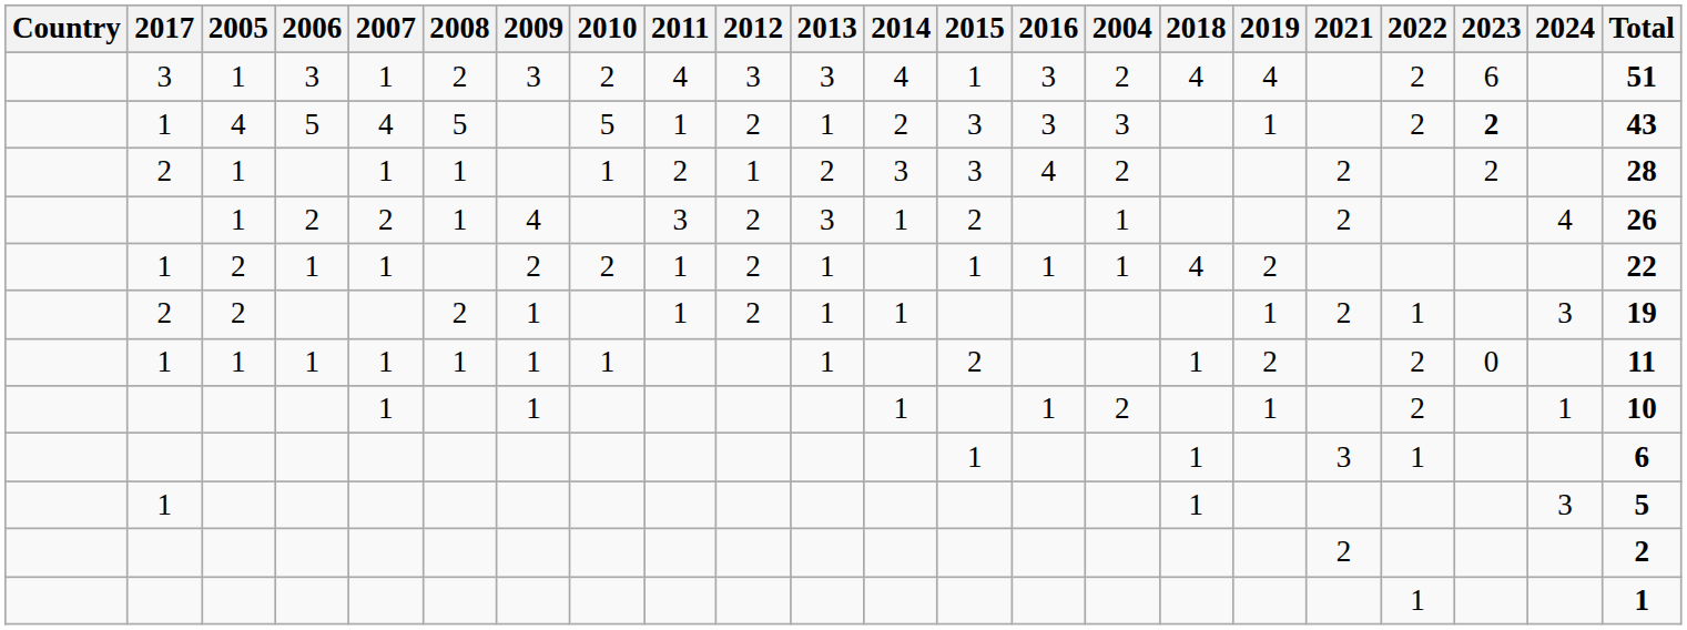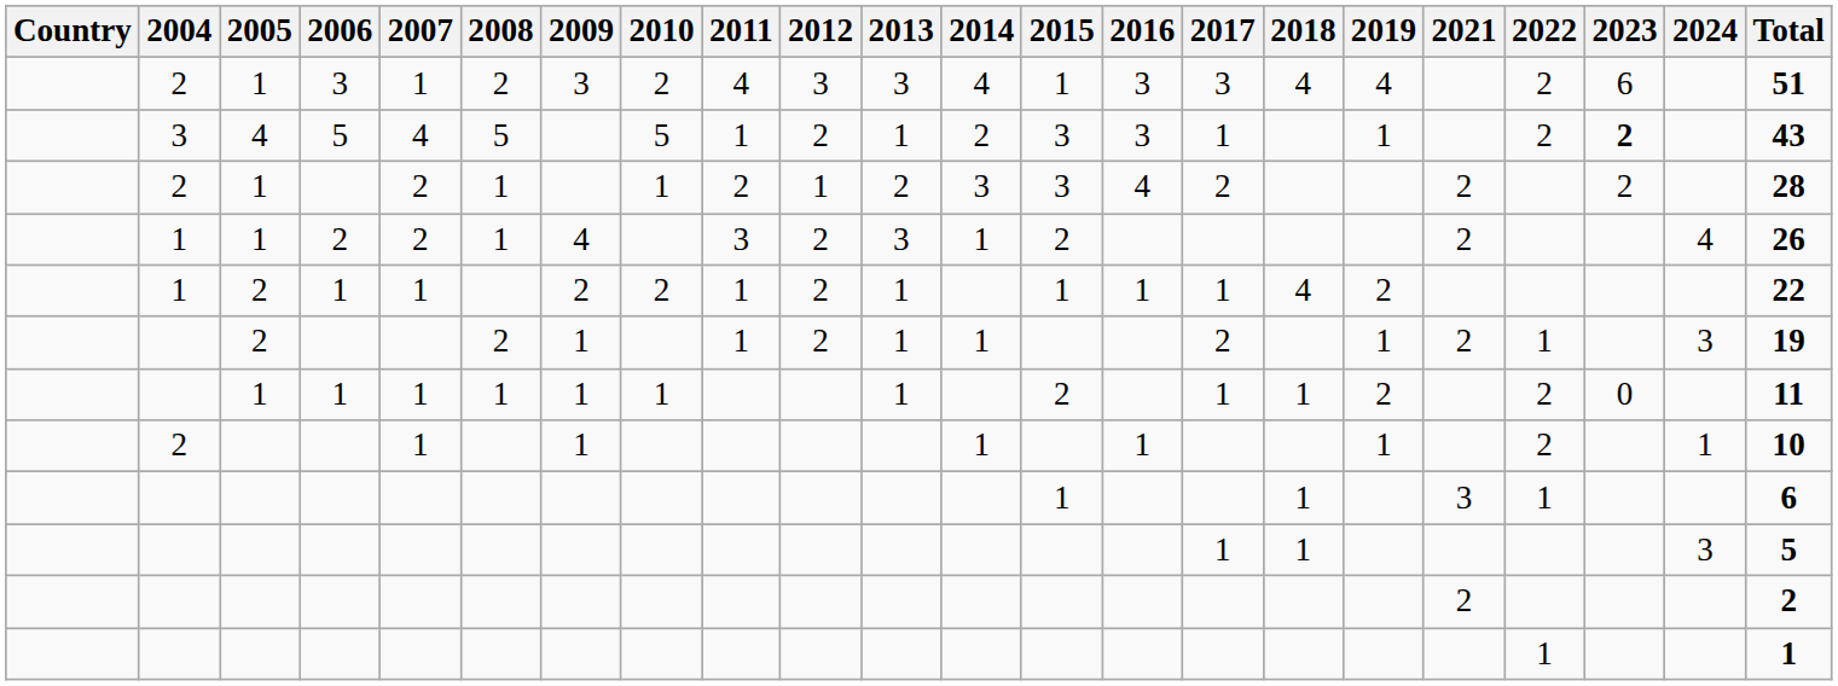 <table class="wikitable" style="text-align: center;">
 <tr>
 <th>Country</th>
-<th>2017</th>
+<th>2004</th>
 <th>2005</th>
 <th>2006</th>
 <th>2007</th>
 <th>2008</th>
 <th>2009</th>
 <th>2010</th>
 <th>2011</th>
 <th>2012</th>
 <th>2013</th>
 <th>2014</th>
 <th>2015</th>
 <th>2016</th>
-<th>2004</th>
+<th>2017</th>
 <th>2018</th>
 <th>2019</th>
 <th>2021</th>
 <th>2022</th>
 <th>2023</th>
 <th>2024</th>
 <th>Total</th>
 </tr>
 <tr>
 <td align="left"></td>
-<td>3</td>
+<td>2</td>
 <td>1</td>
 <td>3</td>
 <td>1</td>
 <td>2</td>
 <td>3</td>
 <td>2</td>
 <td>4</td>
 <td>3</td>
 <td>3</td>
 <td>4</td>
 <td>1</td>
 <td>3</td>
-<td>2</td>
+<td>3</td>
 <td>4</td>
 <td>4</td>
 <td></td>
 <td>2</td>
 <td>6</td>
 <td></td>
 <td><strong>51</strong></td>
 </tr>
 <tr>
 <td align="left"></td>
-<td>1</td>
+<td>3</td>
 <td>4</td>
 <td>5</td>
 <td>4</td>
 <td>5</td>
 <td></td>
 <td>5</td>
 <td>1</td>
 <td>2</td>
 <td>1</td>
 <td>2</td>
 <td>3</td>
 <td>3</td>
-<td>3</td>
+<td>1</td>
 <td></td>
 <td>1</td>
 <td></td>
 <td>2</td>
 <td><strong>2</strong></td>
 <td></td>
 <td><strong>43</strong></td>
 </tr>
 <tr>
 <td align="left"></td>
 <td>2</td>
 <td>1</td>
 <td></td>
-<td>1</td>
+<td>2</td>
 <td>1</td>
 <td></td>
 <td>1</td>
 <td>2</td>
 <td>1</td>
 <td>2</td>
 <td>3</td>
 <td>3</td>
 <td>4</td>
 <td>2</td>
 <td></td>
 <td></td>
 <td>2</td>
 <td></td>
 <td>2</td>
 <td></td>
 <td><strong>28</strong></td>
 </tr>
 <tr>
 <td align="left"></td>
-<td></td>
+<td>1</td>
 <td>1</td>
 <td>2</td>
 <td>2</td>
 <td>1</td>
 <td>4</td>
 <td></td>
 <td>3</td>
 <td>2</td>
 <td>3</td>
 <td>1</td>
 <td>2</td>
 <td></td>
-<td>1</td>
+<td></td>
 <td></td>
 <td></td>
 <td>2</td>
 <td></td>
 <td></td>
 <td>4</td>
 <td><strong>26</strong></td>
 </tr>
 <tr>
 <td align="left"></td>
 <td>1</td>
 <td>2</td>
 <td>1</td>
 <td>1</td>
 <td></td>
 <td>2</td>
 <td>2</td>
 <td>1</td>
 <td>2</td>
 <td>1</td>
 <td></td>
 <td>1</td>
 <td>1</td>
 <td>1</td>
 <td>4</td>
 <td>2</td>
 <td></td>
 <td></td>
 <td></td>
 <td></td>
 <td><strong>22</strong></td>
 </tr>
 <tr>
 <td align="left"></td>
-<td>2</td>
+<td></td>
 <td>2</td>
 <td></td>
 <td></td>
 <td>2</td>
 <td>1</td>
 <td></td>
 <td>1</td>
 <td>2</td>
 <td>1</td>
 <td>1</td>
 <td></td>
 <td></td>
-<td></td>
+<td>2</td>
 <td></td>
 <td>1</td>
 <td>2</td>
 <td>1</td>
 <td></td>
 <td>3</td>
 <td><strong>19</strong></td>
 </tr>
 <tr>
 <td align="left"></td>
-<td>1</td>
+<td></td>
 <td>1</td>
 <td>1</td>
 <td>1</td>
 <td>1</td>
 <td>1</td>
 <td>1</td>
 <td></td>
 <td></td>
 <td>1</td>
 <td></td>
 <td>2</td>
 <td></td>
-<td></td>
+<td>1</td>
 <td>1</td>
 <td>2</td>
 <td></td>
 <td>2</td>
 <td>0</td>
 <td></td>
 <td><strong>11</strong></td>
 </tr>
 <tr>
 <td align="left"></td>
-<td></td>
+<td>2</td>
 <td></td>
 <td></td>
 <td>1</td>
 <td></td>
 <td>1</td>
 <td></td>
 <td></td>
 <td></td>
 <td></td>
 <td>1</td>
 <td></td>
 <td>1</td>
-<td>2</td>
+<td></td>
 <td></td>
 <td>1</td>
 <td></td>
 <td>2</td>
 <td></td>
 <td>1</td>
 <td><strong>10</strong></td>
 </tr>
 <tr>
 <td align="left"></td>
 <td></td>
 <td></td>
 <td></td>
 <td></td>
 <td></td>
 <td></td>
 <td></td>
 <td></td>
 <td></td>
 <td></td>
 <td></td>
 <td>1</td>
 <td></td>
 <td></td>
 <td>1</td>
 <td></td>
 <td>3</td>
 <td>1</td>
 <td></td>
 <td></td>
 <td><strong>6</strong></td>
 </tr>
 <tr>
 <td align="left"></td>
-<td>1</td>
 <td></td>
 <td></td>
 <td></td>
 <td></td>
 <td></td>
 <td></td>
 <td></td>
 <td></td>
 <td></td>
 <td></td>
 <td></td>
 <td></td>
 <td></td>
+<td>1</td>
 <td>1</td>
 <td></td>
 <td></td>
 <td></td>
 <td></td>
 <td>3</td>
 <td><strong>5</strong></td>
 </tr>
 <tr>
 <td align="left"></td>
 <td></td>
 <td></td>
 <td></td>
 <td></td>
 <td></td>
 <td></td>
 <td></td>
 <td></td>
 <td></td>
 <td></td>
 <td></td>
 <td></td>
 <td></td>
 <td></td>
 <td></td>
 <td></td>
 <td>2</td>
 <td></td>
 <td></td>
 <td></td>
 <td><strong>2</strong></td>
 </tr>
 <tr>
 <td align="left"></td>
 <td></td>
 <td></td>
 <td></td>
 <td></td>
 <td></td>
 <td></td>
 <td></td>
 <td></td>
 <td></td>
 <td></td>
 <td></td>
 <td></td>
 <td></td>
 <td></td>
 <td></td>
 <td></td>
 <td></td>
 <td>1</td>
 <td></td>
 <td></td>
 <td><strong>1</strong></td>
 </tr>
 </table>
